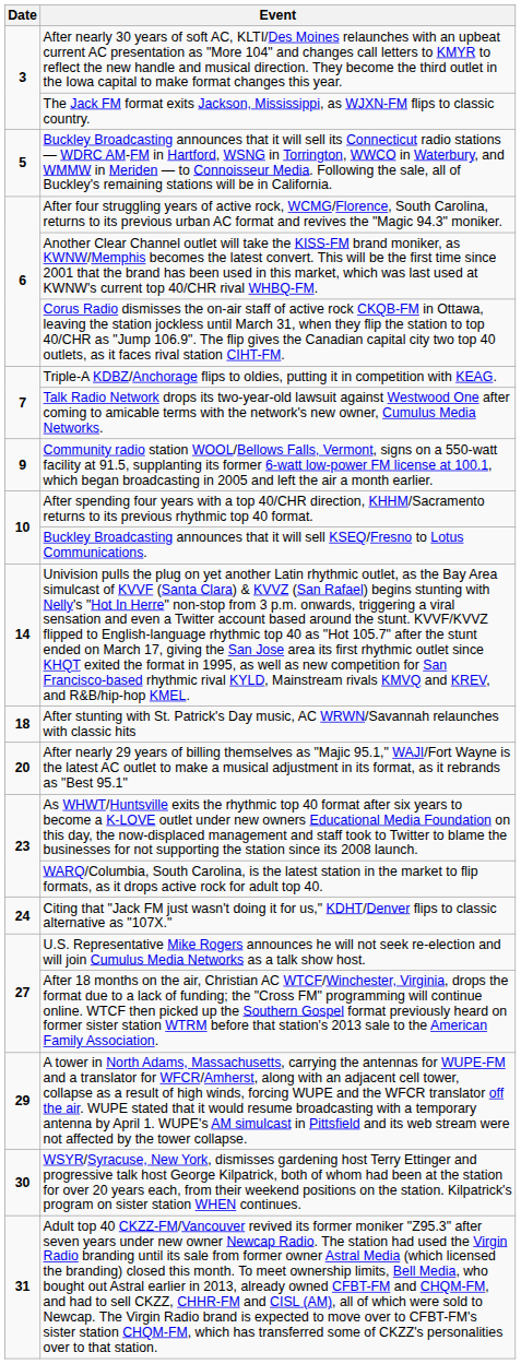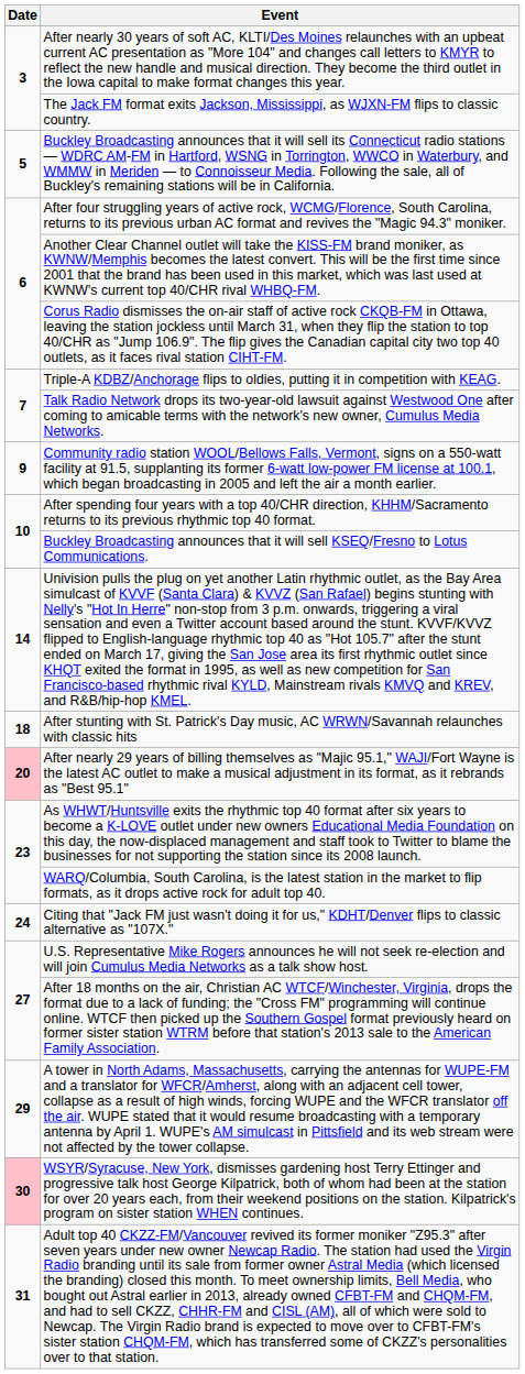 <table class="wikitable">
 <tr>
 <th>Date</th>
 <th>Event</th>
 </tr>
 <tr>
 <td style="text-align:center;" rowspan=2><strong>3</strong></td>
 <td>After nearly 30 years of soft AC, KLTI/<a href='#'>Des Moines</a> relaunches with an upbeat current AC presentation as "More 104" and changes call letters to <a href='#'>KMYR</a> to reflect the new handle and musical direction. They become the third outlet in the Iowa capital to make format changes this year.</td>
 </tr>
 <tr>
 <td>The <a href='#'>Jack FM</a> format exits <a href='#'>Jackson, Mississippi</a>, as <a href='#'>WJXN-FM</a> flips to classic country.</td>
 </tr>
 <tr>
 <td style="text-align:center;"><strong>5</strong></td>
 <td><a href='#'>Buckley Broadcasting</a> announces that it will sell its <a href='#'>Connecticut</a> radio stations — <a href='#'>WDRC AM</a>-<a href='#'>FM</a> in <a href='#'>Hartford</a>, <a href='#'>WSNG</a> in <a href='#'>Torrington</a>, <a href='#'>WWCO</a> in <a href='#'>Waterbury</a>, and <a href='#'>WMMW</a> in <a href='#'>Meriden</a> — to <a href='#'>Connoisseur Media</a>. Following the sale, all of Buckley's remaining stations will be in California.</td>
 </tr>
 <tr>
 <td style="text-align:center;" rowspan=3><strong>6</strong></td>
 <td>After four struggling years of active rock, <a href='#'>WCMG</a>/<a href='#'>Florence</a>, South Carolina, returns to its previous urban AC format and revives the "Magic 94.3" moniker.</td>
 </tr>
 <tr>
 <td>Another Clear Channel outlet will take the <a href='#'>KISS-FM</a> brand moniker, as <a href='#'>KWNW</a>/<a href='#'>Memphis</a> becomes the latest convert. This will be the first time since 2001 that the brand has been used in this market, which was last used at KWNW's current top 40/CHR rival <a href='#'>WHBQ-FM</a>.</td>
 </tr>
 <tr>
 <td><a href='#'>Corus Radio</a> dismisses the on-air staff of active rock <a href='#'>CKQB-FM</a> in Ottawa, leaving the station jockless until March 31, when they flip the station to top 40/CHR as "Jump 106.9". The flip gives the Canadian capital city two top 40 outlets, as it faces rival station <a href='#'>CIHT-FM</a>.</td>
 </tr>
 <tr>
 <td style="text-align:center;" rowspan=2><strong>7</strong></td>
 <td>Triple-A <a href='#'>KDBZ</a>/<a href='#'>Anchorage</a> flips to oldies, putting it in competition with <a href='#'>KEAG</a>.</td>
 </tr>
 <tr>
 <td><a href='#'>Talk Radio Network</a> drops its two-year-old lawsuit against <a href='#'>Westwood One</a> after coming to amicable terms with the network's new owner, <a href='#'>Cumulus Media Networks</a>.</td>
 </tr>
 <tr>
 <td style="text-align:center;"><strong>9</strong></td>
 <td><a href='#'>Community radio</a> station <a href='#'>WOOL</a>/<a href='#'>Bellows Falls, Vermont</a>, signs on a 550-watt facility at 91.5, supplanting its former <a href='#'>6-watt low-power FM license at 100.1</a>, which began broadcasting in 2005 and left the air a month earlier.</td>
 </tr>
 <tr>
 <td style="text-align:center;" rowspan=2><strong>10</strong></td>
 <td>After spending four years with a top 40/CHR direction, <a href='#'>KHHM</a>/Sacramento returns to its previous rhythmic top 40 format.</td>
 </tr>
 <tr>
 <td><a href='#'>Buckley Broadcasting</a> announces that it will sell <a href='#'>KSEQ</a>/<a href='#'>Fresno</a> to <a href='#'>Lotus Communications</a>.</td>
 </tr>
 <tr>
 <td style="text-align:center;"><strong>14</strong></td>
 <td>Univision pulls the plug on yet another Latin rhythmic outlet, as the Bay Area simulcast of <a href='#'>KVVF</a> (<a href='#'>Santa Clara</a>) & <a href='#'>KVVZ</a> (<a href='#'>San Rafael</a>) begins stunting with <a href='#'>Nelly</a>'s "<a href='#'>Hot In Herre</a>" non-stop from 3 p.m. onwards, triggering a viral sensation and even a Twitter account based around the stunt. KVVF/KVVZ flipped to English-language rhythmic top 40 as "Hot 105.7" after the stunt ended on March 17, giving the <a href='#'>San Jose</a> area its first rhythmic outlet since <a href='#'>KHQT</a> exited the format in 1995, as well as new competition for <a href='#'>San Francisco-based</a> rhythmic rival <a href='#'>KYLD</a>, Mainstream rivals <a href='#'>KMVQ</a> and <a href='#'>KREV</a>, and R&B/hip-hop <a href='#'>KMEL</a>.</td>
 </tr>
 <tr>
 <td style="text-align:center;"><strong>18</strong></td>
 <td>After stunting with St. Patrick's Day music, AC <a href='#'>WRWN</a>/Savannah relaunches with classic hits</td>
 </tr>
 <tr>
-<td style="text-align:center;"><strong>20</strong></td>
+<td style="background: pink; text-align:center;"><strong>20</strong></td>
 <td>After nearly 29 years of billing themselves as "Majic 95.1," <a href='#'>WAJI</a>/Fort Wayne is the latest AC outlet to make a musical adjustment in its format, as it rebrands as "Best 95.1"</td>
 </tr>
 <tr>
 <td style="text-align:center;" rowspan=2><strong>23</strong></td>
 <td>As <a href='#'>WHWT</a>/<a href='#'>Huntsville</a> exits the rhythmic top 40 format after six years to become a <a href='#'>K-LOVE</a> outlet under new owners <a href='#'>Educational Media Foundation</a> on this day, the now-displaced management and staff took to Twitter to blame the businesses for not supporting the station since its 2008 launch.</td>
 </tr>
 <tr>
 <td><a href='#'>WARQ</a>/Columbia, South Carolina, is the latest station in the market to flip formats, as it drops active rock for adult top 40.</td>
 </tr>
 <tr>
 <td style="text-align:center;"><strong>24</strong></td>
 <td>Citing that "Jack FM just wasn't doing it for us," <a href='#'>KDHT</a>/<a href='#'>Denver</a> flips to classic alternative as "107X."</td>
 </tr>
 <tr>
 <td style="text-align:center;" rowspan=2><strong>27</strong></td>
 <td>U.S. Representative <a href='#'>Mike Rogers</a> announces he will not seek re-election and will join <a href='#'>Cumulus Media Networks</a> as a talk show host.</td>
 </tr>
 <tr>
 <td>After 18 months on the air, Christian AC <a href='#'>WTCF</a>/<a href='#'>Winchester, Virginia</a>, drops the format due to a lack of funding; the "Cross FM" programming will continue online. WTCF then picked up the <a href='#'>Southern Gospel</a> format previously heard on former sister station <a href='#'>WTRM</a> before that station's 2013 sale to the <a href='#'>American Family Association</a>.</td>
 </tr>
 <tr>
 <td style="text-align:center;"><strong>29</strong></td>
 <td>A tower in <a href='#'>North Adams, Massachusetts</a>, carrying the antennas for <a href='#'>WUPE-FM</a> and a translator for <a href='#'>WFCR</a>/<a href='#'>Amherst</a>, along with an adjacent cell tower, collapse as a result of high winds, forcing WUPE and the WFCR translator <a href='#'>off the air</a>. WUPE stated that it would resume broadcasting with a temporary antenna by April 1. WUPE's <a href='#'>AM simulcast</a> in <a href='#'>Pittsfield</a> and its web stream were not affected by the tower collapse.</td>
 </tr>
 <tr>
-<td style="text-align:center;"><strong>30</strong></td>
+<td style="background: pink; text-align:center;"><strong>30</strong></td>
 <td><a href='#'>WSYR</a>/<a href='#'>Syracuse, New York</a>, dismisses gardening host Terry Ettinger and progressive talk host George Kilpatrick, both of whom had been at the station for over 20 years each, from their weekend positions on the station. Kilpatrick's program on sister station <a href='#'>WHEN</a> continues.</td>
 </tr>
 <tr>
 <td style="text-align:center;"><strong>31</strong></td>
 <td>Adult top 40 <a href='#'>CKZZ-FM</a>/<a href='#'>Vancouver</a> revived its former moniker "Z95.3" after seven years under new owner <a href='#'>Newcap Radio</a>. The station had used the <a href='#'>Virgin Radio</a> branding until its sale from former owner <a href='#'>Astral Media</a> (which licensed the branding) closed this month. To meet ownership limits, <a href='#'>Bell Media</a>, who bought out Astral earlier in 2013, already owned <a href='#'>CFBT-FM</a> and <a href='#'>CHQM-FM</a>, and had to sell CKZZ, <a href='#'>CHHR-FM</a> and <a href='#'>CISL (AM)</a>, all of which were sold to Newcap. The Virgin Radio brand is expected to move over to CFBT-FM's sister station <a href='#'>CHQM-FM</a>, which has transferred some of CKZZ's personalities over to that station.</td>
 </tr>
 </table>
